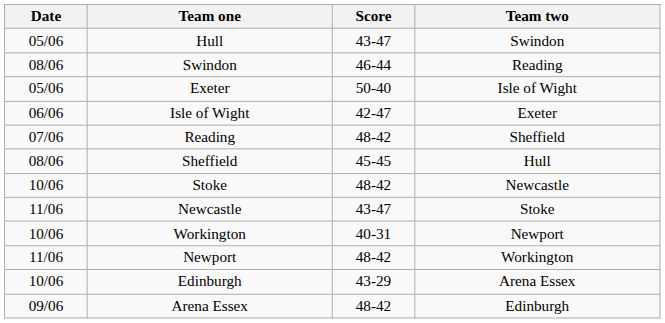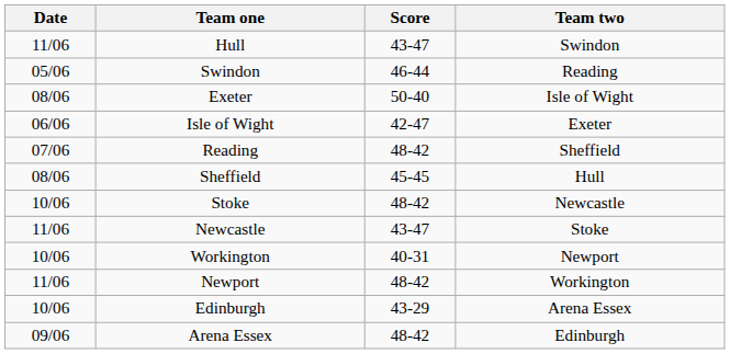 <table class="wikitable" style="text-align: center">
 <tr>
 <th width=80>Date</th>
 <th width=250>Team one</th>
 <th width=80>Score</th>
 <th width=250>Team two</th>
 </tr>
 <tr>
-<td>05/06</td>
+<td>11/06</td>
 <td>Hull</td>
 <td>43-47</td>
 <td>Swindon</td>
 </tr>
 <tr>
-<td>08/06</td>
+<td>05/06</td>
 <td>Swindon</td>
 <td>46-44</td>
 <td>Reading</td>
 </tr>
 <tr>
-<td>05/06</td>
+<td>08/06</td>
 <td>Exeter</td>
 <td>50-40</td>
 <td>Isle of Wight</td>
 </tr>
 <tr>
 <td>06/06</td>
 <td>Isle of Wight</td>
 <td>42-47</td>
 <td>Exeter</td>
 </tr>
 <tr>
 <td>07/06</td>
 <td>Reading</td>
 <td>48-42</td>
 <td>Sheffield</td>
 </tr>
 <tr>
 <td>08/06</td>
 <td>Sheffield</td>
 <td>45-45</td>
 <td>Hull</td>
 </tr>
 <tr>
 <td>10/06</td>
 <td>Stoke</td>
 <td>48-42</td>
 <td>Newcastle</td>
 </tr>
 <tr>
 <td>11/06</td>
 <td>Newcastle</td>
 <td>43-47</td>
 <td>Stoke</td>
 </tr>
 <tr>
 <td>10/06</td>
 <td>Workington</td>
 <td>40-31</td>
 <td>Newport</td>
 </tr>
 <tr>
 <td>11/06</td>
 <td>Newport</td>
 <td>48-42</td>
 <td>Workington</td>
 </tr>
 <tr>
 <td>10/06</td>
 <td>Edinburgh</td>
 <td>43-29</td>
 <td>Arena Essex</td>
 </tr>
 <tr>
 <td>09/06</td>
 <td>Arena Essex</td>
 <td>48-42</td>
 <td>Edinburgh</td>
 </tr>
 </table>
